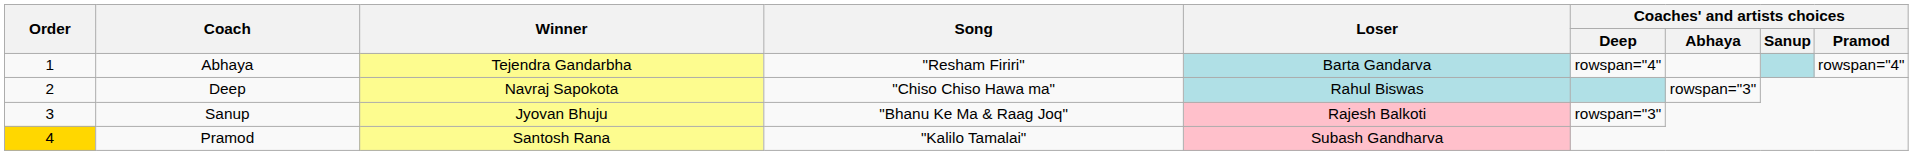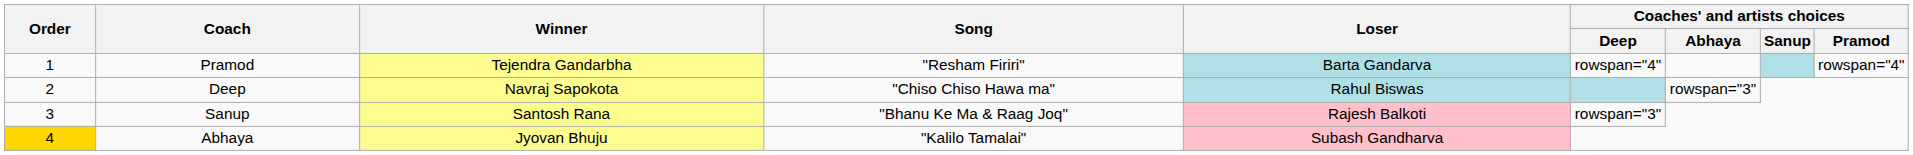 <table class="wikitable plainrowheaders" style="text-align:center; width:100%;">
 <tr>
 <th scope="col" style="width:05%;" rowspan="2">Order</th>
 <th scope="col" style="width:15%;" rowspan="2">Coach</th>
 <th scope="col" style="width:23%;" rowspan="2">Winner</th>
 <th scope="col" style="width:24%;" rowspan="2">Song</th>
 <th scope="col" style="width:22%;" rowspan="2">Loser</th>
 <th scope="col" style="width:20%;" colspan="4">Coaches' and artists choices</th>
 </tr>
 <tr>
 <th scope="col" style="width:05%;">Deep</th>
 <th scope="col" style="width:05%;">Abhaya</th>
 <th scope="col" style="width:05%;">Sanup</th>
 <th scope="col" style="width:05%;">Pramod</th>
 </tr>
 <tr>
 <td scope="row">1</td>
-<td>Abhaya</td>
+<td>Pramod</td>
 <td style="background:#fdfc8f;text-align:center;">Tejendra Gandarbha</td>
 <td>"Resham Firiri"</td>
 <td style="background:#b0e0e6;text-align:center;">Barta Gandarva</td>
 <td>rowspan="4" </td>
 <td><strong></strong></td>
 <td style="background:#b0e0e6;text-align:center;"><strong></strong></td>
 <td>rowspan="4" </td>
 </tr>
 <tr>
 <td scope="row">2</td>
 <td>Deep</td>
 <td style="background:#fdfc8f;text-align:center;">Navraj Sapokota</td>
 <td>"Chiso Chiso Hawa ma"</td>
 <td style="background:#b0e0e6;text-align:center;">Rahul Biswas</td>
 <td style="background:#b0e0e6;text-align:center;"><strong></strong></td>
 <td>rowspan="3" </td>
 </tr>
 <tr>
 <td scope="row">3</td>
 <td>Sanup</td>
-<td style="background:#fdfc8f;text-align:center;">Jyovan Bhuju</td>
+<td style="background:#fdfc8f;text-align:center;">Santosh Rana</td>
 <td>"Bhanu Ke Ma & Raag Joq"</td>
 <td style="background:pink;text-align:center;">Rajesh Balkoti</td>
 <td>rowspan="3" </td>
 </tr>
 <tr>
 <td scope="row" style="background: gold;">4</td>
-<td>Pramod</td>
-<td style="background:#fdfc8f;text-align:center;">Santosh Rana</td>
+<td>Abhaya</td>
+<td style="background:#fdfc8f;text-align:center;">Jyovan Bhuju</td>
 <td>"Kalilo Tamalai"</td>
 <td style="background:pink;text-align:center;">Subash Gandharva</td>
 </tr>
 </table>
